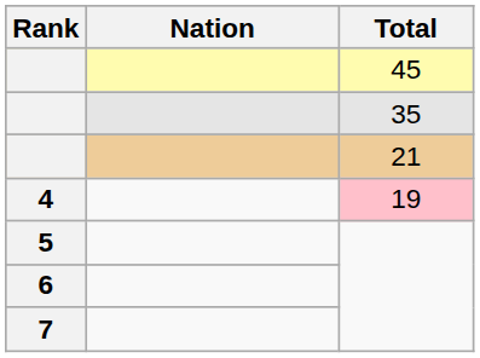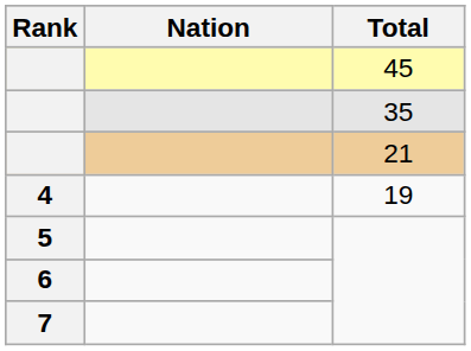 <table class="wikitable sortable" style="text-align:center; font-size:85%">
 <tr>
 <th scope="col" style="width:25px;">Rank</th>
 <th ! scope="col" style="width:120px;">Nation</th>
 <th ! scope="col" style="width:60px;">Total</th>
 </tr>
 <tr bgcolor=fffcaf>
 <th scope=row></th>
 <td align=left></td>
 <td>45</td>
 </tr>
 <tr bgcolor=e5e5e5>
 <th scope=row></th>
 <td align=left></td>
 <td>35</td>
 </tr>
 <tr bgcolor=eecc99>
 <th scope=row></th>
 <td align=left></td>
 <td>21</td>
 </tr>
 <tr>
 <th scope=row>4</th>
 <td align=left></td>
-<td style="background: pink;">19</td>
+<td>19</td>
 </tr>
 <tr>
 <th scope=row>5</th>
 <td align=left></td>
 <td rowspan=3></td>
 </tr>
 <tr>
 <th scope=row>6</th>
 <td align=left></td>
 </tr>
 <tr>
 <th scope=row>7</th>
 <td align=left></td>
 </tr>
 </table>
